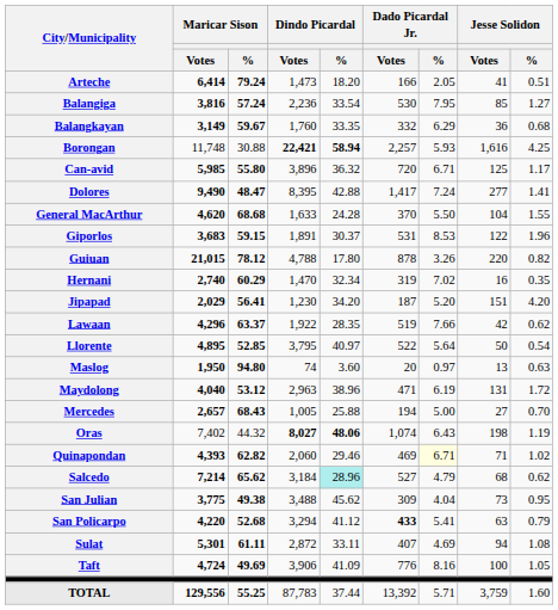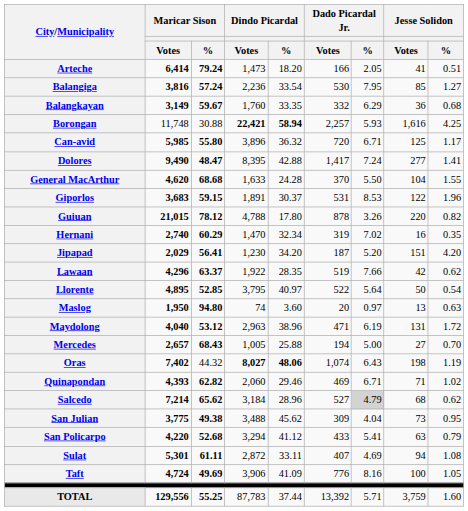 <table class="wikitable collapsible collapsed" style="text-align:right; font-size:95%; line-height:20px;">
 <tr>
 <th rowspan="3" width="200"><a href='#'>City</a>/<a href='#'>Municipality</a></th>
 <th colspan="2" width="110">Maricar Sison</th>
 <th colspan="2" width="110">Dindo Picardal</th>
 <th colspan="2" width="110">Dado Picardal Jr.</th>
 <th colspan="2" width="110">Jesse Solidon</th>
 </tr>
 <tr>
 <th colspan="2" style="background:"></th>
 <th colspan="2" style="background:"></th>
 <th colspan="2" style="background:"></th>
 <th colspan="2" style="background:"></th>
 </tr>
 <tr>
 <th>Votes</th>
 <th>%</th>
 <th>Votes</th>
 <th>%</th>
 <th>Votes</th>
 <th>%</th>
 <th>Votes</th>
 <th>%</th>
 </tr>
 <tr>
 <th scope="row"><a href='#'>Arteche</a></th>
 <td style="background:"><strong>6,414</strong></td>
 <td style="background:"><strong>79.24</strong></td>
 <td>1,473</td>
 <td>18.20</td>
 <td>166</td>
 <td>2.05</td>
 <td>41</td>
 <td>0.51</td>
 </tr>
 <tr>
 <th scope="row"><a href='#'>Balangiga</a></th>
 <td style="background:"><strong>3,816</strong></td>
 <td style="background:"><strong>57.24</strong></td>
 <td>2,236</td>
 <td>33.54</td>
 <td>530</td>
 <td>7.95</td>
 <td>85</td>
 <td>1.27</td>
 </tr>
 <tr>
 <th scope="row"><a href='#'>Balangkayan</a></th>
 <td style="background:"><strong>3,149</strong></td>
 <td style="background:"><strong>59.67</strong></td>
 <td>1,760</td>
 <td>33.35</td>
 <td>332</td>
 <td>6.29</td>
 <td>36</td>
 <td>0.68</td>
 </tr>
 <tr>
 <th scope="row"><a href='#'>Borongan</a></th>
 <td>11,748</td>
 <td>30.88</td>
 <td style="background:"><strong>22,421</strong></td>
 <td style="background:"><strong>58.94</strong></td>
 <td>2,257</td>
 <td>5.93</td>
 <td>1,616</td>
 <td>4.25</td>
 </tr>
 <tr>
 <th scope="row"><a href='#'>Can-avid</a></th>
 <td style="background:"><strong>5,985</strong></td>
 <td style="background:"><strong>55.80</strong></td>
 <td>3,896</td>
 <td>36.32</td>
 <td>720</td>
 <td>6.71</td>
 <td>125</td>
 <td>1.17</td>
 </tr>
 <tr>
 <th scope="row"><a href='#'>Dolores</a></th>
 <td style="background:"><strong>9,490</strong></td>
 <td style="background:"><strong>48.47</strong></td>
 <td>8,395</td>
 <td>42.88</td>
 <td>1,417</td>
 <td>7.24</td>
 <td>277</td>
 <td>1.41</td>
 </tr>
 <tr>
 <th scope="row"><a href='#'>General MacArthur</a></th>
 <td style="background:"><strong>4,620</strong></td>
 <td style="background:"><strong>68.68</strong></td>
 <td>1,633</td>
 <td>24.28</td>
 <td>370</td>
 <td>5.50</td>
 <td>104</td>
 <td>1.55</td>
 </tr>
 <tr>
 <th scope="row"><a href='#'>Giporlos</a></th>
 <td style="background:"><strong>3,683</strong></td>
 <td style="background:"><strong>59.15</strong></td>
 <td>1,891</td>
 <td>30.37</td>
 <td>531</td>
 <td>8.53</td>
 <td>122</td>
 <td>1.96</td>
 </tr>
 <tr>
 <th scope="row"><a href='#'>Guiuan</a></th>
 <td style="background:"><strong>21,015</strong></td>
 <td style="background:"><strong>78.12</strong></td>
 <td>4,788</td>
 <td>17.80</td>
 <td>878</td>
 <td>3.26</td>
 <td>220</td>
 <td>0.82</td>
 </tr>
 <tr>
 <th scope="row"><a href='#'>Hernani</a></th>
 <td style="background:"><strong>2,740</strong></td>
 <td style="background:"><strong>60.29</strong></td>
 <td>1,470</td>
 <td>32.34</td>
 <td>319</td>
 <td>7.02</td>
 <td>16</td>
 <td>0.35</td>
 </tr>
 <tr>
 <th scope="row"><a href='#'>Jipapad</a></th>
 <td style="background:"><strong>2,029</strong></td>
 <td style="background:"><strong>56.41</strong></td>
 <td>1,230</td>
 <td>34.20</td>
 <td>187</td>
 <td>5.20</td>
 <td>151</td>
 <td>4.20</td>
 </tr>
 <tr>
 <th scope="row"><a href='#'>Lawaan</a></th>
 <td style="background:"><strong>4,296</strong></td>
 <td style="background:"><strong>63.37</strong></td>
 <td>1,922</td>
 <td>28.35</td>
 <td>519</td>
 <td>7.66</td>
 <td>42</td>
 <td>0.62</td>
 </tr>
 <tr>
 <th scope="row"><a href='#'>Llorente</a></th>
 <td style="background:"><strong>4,895</strong></td>
 <td style="background:"><strong>52.85</strong></td>
 <td>3,795</td>
 <td>40.97</td>
 <td>522</td>
 <td>5.64</td>
 <td>50</td>
 <td>0.54</td>
 </tr>
 <tr>
 <th scope="row"><a href='#'>Maslog</a></th>
 <td style="background:"><strong>1,950</strong></td>
 <td style="background:"><strong>94.80</strong></td>
 <td>74</td>
 <td>3.60</td>
 <td>20</td>
 <td>0.97</td>
 <td>13</td>
 <td>0.63</td>
 </tr>
 <tr>
 <th scope="row"><a href='#'>Maydolong</a></th>
 <td style="background:"><strong>4,040</strong></td>
 <td style="background:"><strong>53.12</strong></td>
 <td>2,963</td>
 <td>38.96</td>
 <td>471</td>
 <td>6.19</td>
 <td>131</td>
 <td>1.72</td>
 </tr>
 <tr>
 <th scope="row"><a href='#'>Mercedes</a></th>
 <td style="background:"><strong>2,657</strong></td>
 <td style="background:"><strong>68.43</strong></td>
 <td>1,005</td>
 <td>25.88</td>
 <td>194</td>
 <td>5.00</td>
 <td>27</td>
 <td>0.70</td>
 </tr>
 <tr>
 <th scope="row"><a href='#'>Oras</a></th>
-<td>7,402</td>
+<td><strong>7,402</strong></td>
 <td>44.32</td>
 <td style="background:"><strong>8,027</strong></td>
 <td style="background:"><strong>48.06</strong></td>
 <td>1,074</td>
 <td>6.43</td>
 <td>198</td>
 <td>1.19</td>
 </tr>
 <tr>
 <th scope="row"><a href='#'>Quinapondan</a></th>
 <td style="background:"><strong>4,393</strong></td>
 <td style="background:"><strong>62.82</strong></td>
 <td>2,060</td>
 <td>29.46</td>
 <td>469</td>
-<td style="background: lightyellow;">6.71</td>
+<td>6.71</td>
 <td>71</td>
 <td>1.02</td>
 </tr>
 <tr>
 <th scope="row"><a href='#'>Salcedo</a></th>
 <td style="background:"><strong>7,214</strong></td>
 <td style="background:"><strong>65.62</strong></td>
 <td>3,184</td>
-<td style="background: paleturquoise;">28.96</td>
+<td>28.96</td>
 <td>527</td>
-<td>4.79</td>
+<td style="background: lightgrey;">4.79</td>
 <td>68</td>
 <td>0.62</td>
 </tr>
 <tr>
 <th scope="row"><a href='#'>San Julian</a></th>
 <td style="background:"><strong>3,775</strong></td>
 <td style="background:"><strong>49.38</strong></td>
 <td>3,488</td>
 <td>45.62</td>
 <td>309</td>
 <td>4.04</td>
 <td>73</td>
 <td>0.95</td>
 </tr>
 <tr>
 <th scope="row"><a href='#'>San Policarpo</a></th>
 <td style="background:"><strong>4,220</strong></td>
 <td style="background:"><strong>52.68</strong></td>
 <td>3,294</td>
 <td>41.12</td>
-<td><strong>433</strong></td>
+<td>433</td>
 <td>5.41</td>
 <td>63</td>
 <td>0.79</td>
 </tr>
 <tr>
 <th scope="row"><a href='#'>Sulat</a></th>
 <td style="background:"><strong>5,301</strong></td>
 <td style="background:"><strong>61.11</strong></td>
 <td>2,872</td>
 <td>33.11</td>
 <td>407</td>
 <td>4.69</td>
 <td>94</td>
 <td>1.08</td>
 </tr>
 <tr>
 <th scope="row"><a href='#'>Taft</a></th>
 <td style="background:"><strong>4,724</strong></td>
 <td style="background:"><strong>49.69</strong></td>
 <td>3,906</td>
 <td>41.09</td>
 <td>776</td>
 <td>8.16</td>
 <td>100</td>
 <td>1.05</td>
 </tr>
 <tr>
 <td colspan="11" bgcolor="black"></td>
 </tr>
 <tr>
 <td style="background:#E9E9E9;" align="center"><strong>TOTAL</strong></td>
 <td style="background:"><strong>129,556</strong></td>
 <td style="background:"><strong>55.25</strong></td>
 <td>87,783</td>
 <td>37.44</td>
 <td>13,392</td>
 <td>5.71</td>
 <td>3,759</td>
 <td>1.60</td>
 </tr>
 </table>
